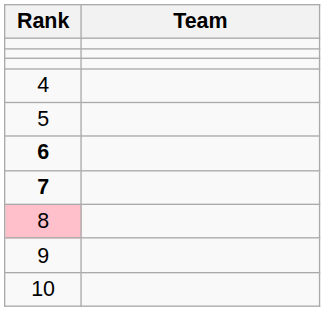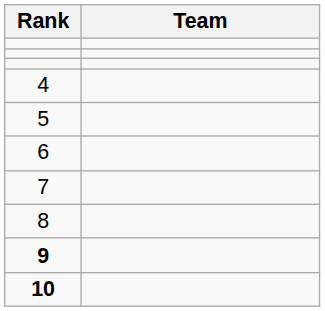 <table class="wikitable" style="text-align: center">
 <tr>
 <th width=50>Rank</th>
 <th width=170>Team</th>
 </tr>
 <tr>
 <td></td>
 <td align=left></td>
 </tr>
 <tr>
 <td></td>
 <td align=left></td>
 </tr>
 <tr>
 <td></td>
 <td align=left></td>
 </tr>
 <tr>
 <td>4</td>
 <td align=left></td>
 </tr>
 <tr>
 <td>5</td>
 <td align=left></td>
 </tr>
 <tr>
-<td><strong>6</strong></td>
+<td>6</td>
 <td align=left></td>
 </tr>
 <tr>
-<td><strong>7</strong></td>
+<td>7</td>
 <td align=left></td>
 </tr>
 <tr>
-<td style="background: pink;">8</td>
+<td>8</td>
 <td align=left></td>
 </tr>
 <tr>
-<td>9</td>
+<td><strong>9</strong></td>
 <td align=left></td>
 </tr>
 <tr>
-<td>10</td>
+<td><strong>10</strong></td>
 <td align=left></td>
 </tr>
 </table>
